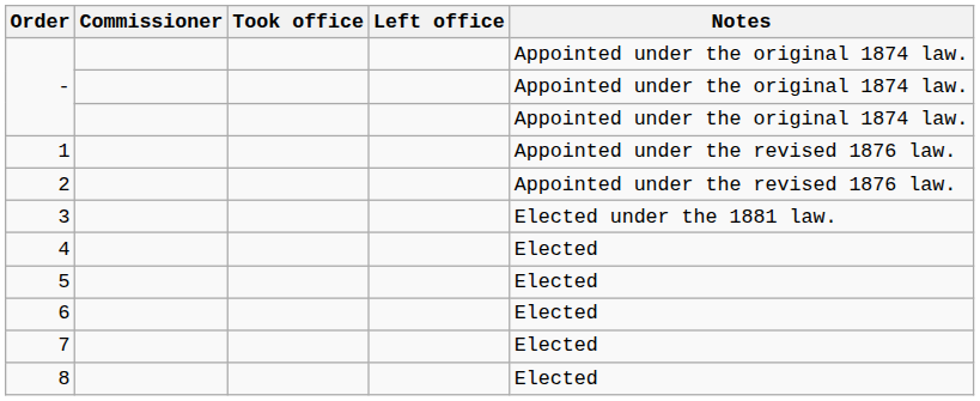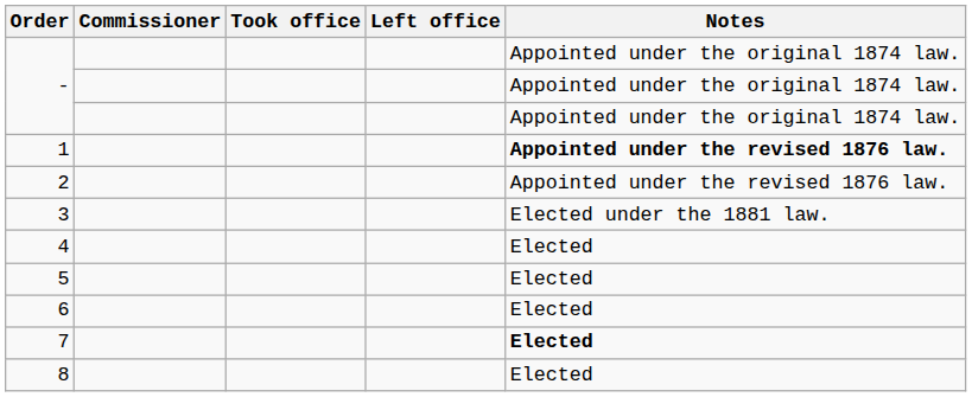 <table class="wikitable sortable" style="text-align:right;">
 <tr>
 <th>Order</th>
 <th>Commissioner</th>
 <th>Took office</th>
 <th>Left office</th>
 <th>Notes</th>
 </tr>
 <tr>
 <td rowspan="3">-</td>
 <td align="left"></td>
 <td></td>
 <td></td>
 <td align="left">Appointed under the original 1874 law.</td>
 </tr>
 <tr>
 <td align="left"></td>
 <td></td>
 <td></td>
 <td align="left">Appointed under the original 1874 law.</td>
 </tr>
 <tr>
 <td align="left"></td>
 <td></td>
 <td></td>
 <td align="left">Appointed under the original 1874 law.</td>
 </tr>
 <tr>
 <td>1</td>
 <td align="left"></td>
 <td></td>
 <td></td>
-<td align="left">Appointed under the revised 1876 law.</td>
+<td align="left"><strong>Appointed under the revised 1876 law.</strong></td>
 </tr>
 <tr>
 <td>2</td>
 <td align="left"></td>
 <td></td>
 <td></td>
 <td align="left">Appointed under the revised 1876 law.</td>
 </tr>
 <tr>
 <td>3</td>
 <td align="left"></td>
 <td></td>
 <td></td>
 <td align="left">Elected under the 1881 law.</td>
 </tr>
 <tr>
 <td>4</td>
 <td align="left"></td>
 <td></td>
 <td></td>
 <td align="left">Elected</td>
 </tr>
 <tr>
 <td>5</td>
 <td align="left"></td>
 <td></td>
 <td></td>
 <td align="left">Elected</td>
 </tr>
 <tr>
 <td>6</td>
 <td align="left"></td>
 <td></td>
 <td></td>
 <td align="left">Elected</td>
 </tr>
 <tr>
 <td>7</td>
 <td align="left"></td>
 <td></td>
 <td></td>
-<td align="left">Elected</td>
+<td align="left"><strong>Elected</strong></td>
 </tr>
 <tr>
 <td>8</td>
 <td align="left"></td>
 <td></td>
 <td></td>
 <td align="left">Elected</td>
 </tr>
 </table>
